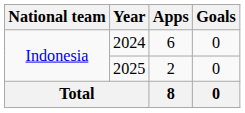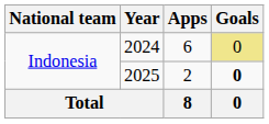 <table class="wikitable" style="text-align: center;">
 <tr>
 <th>National team</th>
 <th>Year</th>
 <th>Apps</th>
 <th>Goals</th>
 </tr>
 <tr>
 <td rowspan="2"><a href='#'>Indonesia</a></td>
 <td>2024</td>
 <td>6</td>
-<td>0</td>
+<td style="background: khaki;">0</td>
 </tr>
 <tr>
 <td>2025</td>
 <td>2</td>
-<td>0</td>
+<td><strong>0</strong></td>
 </tr>
 <tr>
 <th colspan="2">Total</th>
 <th>8</th>
 <th>0</th>
 </tr>
 </table>
